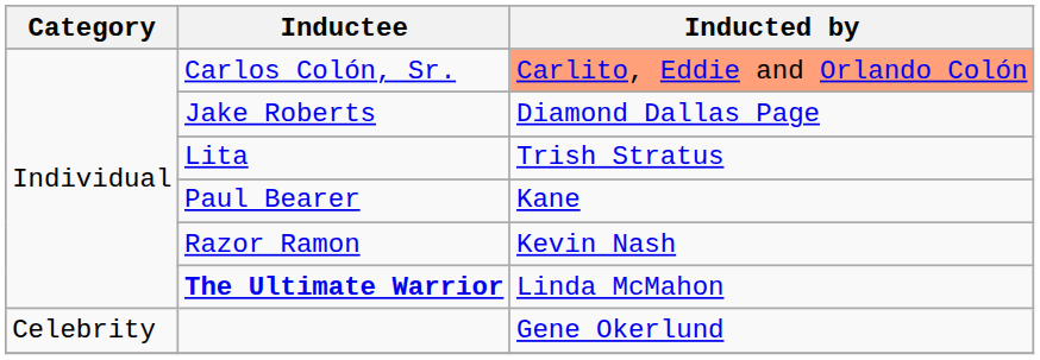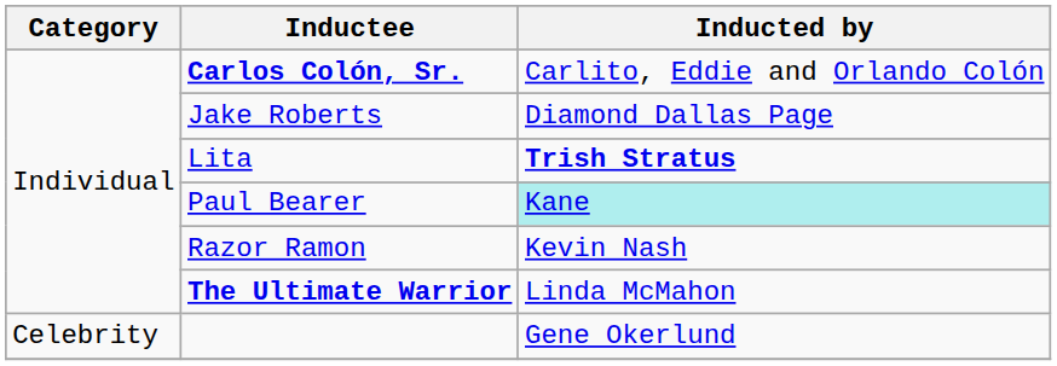 <table class="wikitable">
 <tr>
 <th>Category</th>
 <th>Inductee</th>
 <th>Inducted by</th>
 </tr>
 <tr>
 <td rowspan="6">Individual</td>
-<td><a href='#'>Carlos Colón, Sr.</a></td>
-<td style="background: lightsalmon;"><a href='#'>Carlito</a>, <a href='#'>Eddie</a> and <a href='#'>Orlando Colón</a></td>
+<td><strong><a href='#'>Carlos Colón, Sr.</a></strong></td>
+<td><a href='#'>Carlito</a>, <a href='#'>Eddie</a> and <a href='#'>Orlando Colón</a></td>
 </tr>
 <tr>
 <td><a href='#'>Jake Roberts</a></td>
 <td><a href='#'>Diamond Dallas Page</a></td>
 </tr>
 <tr>
 <td><a href='#'>Lita</a></td>
-<td><a href='#'>Trish Stratus</a></td>
+<td><strong><a href='#'>Trish Stratus</a></strong></td>
 </tr>
 <tr>
 <td><a href='#'>Paul Bearer</a></td>
-<td><a href='#'>Kane</a></td>
+<td style="background: paleturquoise;"><a href='#'>Kane</a></td>
 </tr>
 <tr>
 <td><a href='#'>Razor Ramon</a></td>
 <td><a href='#'>Kevin Nash</a></td>
 </tr>
 <tr>
 <td><strong><a href='#'>The Ultimate Warrior</a></strong></td>
 <td><a href='#'>Linda McMahon</a></td>
 </tr>
 <tr>
 <td>Celebrity</td>
 <td></td>
 <td><a href='#'>Gene Okerlund</a></td>
 </tr>
 <tr>
 </tr>
 </table>
